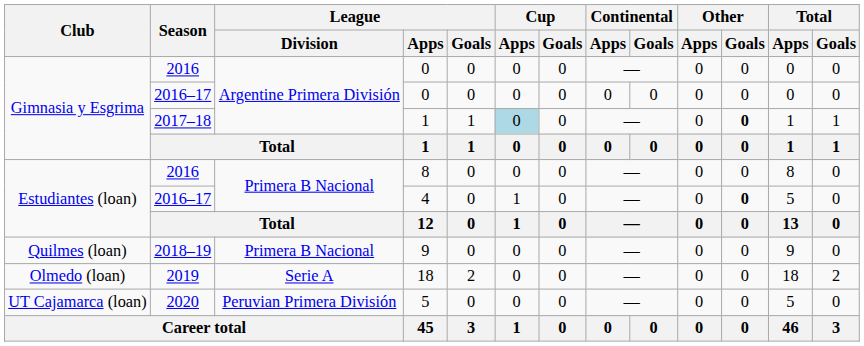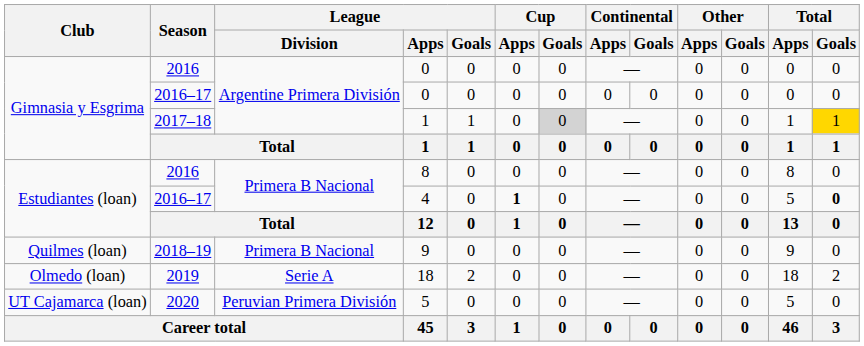 <table class="wikitable" style="text-align:center">
 <tr>
 <th rowspan="2">Club</th>
 <th rowspan="2">Season</th>
 <th colspan="3">League</th>
 <th colspan="2">Cup</th>
 <th colspan="2">Continental</th>
 <th colspan="2">Other</th>
 <th colspan="2">Total</th>
 </tr>
 <tr>
 <th>Division</th>
 <th>Apps</th>
 <th>Goals</th>
 <th>Apps</th>
 <th>Goals</th>
 <th>Apps</th>
 <th>Goals</th>
 <th>Apps</th>
 <th>Goals</th>
 <th>Apps</th>
 <th>Goals</th>
 </tr>
 <tr>
 <td rowspan="4"><a href='#'>Gimnasia y Esgrima</a></td>
 <td><a href='#'>2016</a></td>
 <td rowspan="3"><a href='#'>Argentine Primera División</a></td>
 <td>0</td>
 <td>0</td>
 <td>0</td>
 <td>0</td>
 <td colspan="2">—</td>
 <td>0</td>
 <td>0</td>
 <td>0</td>
 <td>0</td>
 </tr>
 <tr>
 <td><a href='#'>2016–17</a></td>
 <td>0</td>
 <td>0</td>
 <td>0</td>
 <td>0</td>
 <td>0</td>
 <td>0</td>
 <td>0</td>
 <td>0</td>
 <td>0</td>
 <td>0</td>
 </tr>
 <tr>
 <td><a href='#'>2017–18</a></td>
 <td>1</td>
 <td>1</td>
-<td style="background: lightblue;">0</td>
 <td>0</td>
+<td style="background: lightgrey;">0</td>
 <td colspan="2">—</td>
 <td>0</td>
-<td><strong>0</strong></td>
+<td>0</td>
 <td>1</td>
-<td>1</td>
+<td style="background: gold;">1</td>
 </tr>
 <tr>
 <th colspan="2">Total</th>
 <th>1</th>
 <th>1</th>
 <th>0</th>
 <th>0</th>
 <th>0</th>
 <th>0</th>
 <th>0</th>
 <th>0</th>
 <th>1</th>
 <th>1</th>
 </tr>
 <tr>
 <td rowspan="3"><a href='#'>Estudiantes</a> (loan)</td>
 <td><a href='#'>2016</a></td>
 <td rowspan="2"><a href='#'>Primera B Nacional</a></td>
 <td>8</td>
 <td>0</td>
 <td>0</td>
 <td>0</td>
 <td colspan="2">—</td>
 <td>0</td>
 <td>0</td>
 <td>8</td>
 <td>0</td>
 </tr>
 <tr>
 <td><a href='#'>2016–17</a></td>
 <td>4</td>
 <td>0</td>
-<td>1</td>
+<td><strong>1</strong></td>
 <td>0</td>
 <td colspan="2">—</td>
 <td>0</td>
+<td>0</td>
+<td>5</td>
 <td><strong>0</strong></td>
-<td>5</td>
-<td>0</td>
 </tr>
 <tr>
 <th colspan="2">Total</th>
 <th>12</th>
 <th>0</th>
 <th>1</th>
 <th>0</th>
 <th colspan="2">—</th>
 <th>0</th>
 <th>0</th>
 <th>13</th>
 <th>0</th>
 </tr>
 <tr>
 <td rowspan="1"><a href='#'>Quilmes</a> (loan)</td>
 <td><a href='#'>2018–19</a></td>
 <td rowspan="1"><a href='#'>Primera B Nacional</a></td>
 <td>9</td>
 <td>0</td>
 <td>0</td>
 <td>0</td>
 <td colspan="2">—</td>
 <td>0</td>
 <td>0</td>
 <td>9</td>
 <td>0</td>
 </tr>
 <tr>
 <td rowspan="1"><a href='#'>Olmedo</a> (loan)</td>
 <td><a href='#'>2019</a></td>
 <td rowspan="1"><a href='#'>Serie A</a></td>
 <td>18</td>
 <td>2</td>
 <td>0</td>
 <td>0</td>
 <td colspan="2">—</td>
 <td>0</td>
 <td>0</td>
 <td>18</td>
 <td>2</td>
 </tr>
 <tr>
 <td rowspan="1"><a href='#'>UT Cajamarca</a> (loan)</td>
 <td><a href='#'>2020</a></td>
 <td rowspan="1"><a href='#'>Peruvian Primera División</a></td>
 <td>5</td>
 <td>0</td>
 <td>0</td>
 <td>0</td>
 <td colspan="2">—</td>
 <td>0</td>
 <td>0</td>
 <td>5</td>
 <td>0</td>
 </tr>
 <tr>
 <th colspan="3">Career total</th>
 <th>45</th>
 <th>3</th>
 <th>1</th>
 <th>0</th>
 <th>0</th>
 <th>0</th>
 <th>0</th>
 <th>0</th>
 <th>46</th>
 <th>3</th>
 </tr>
 </table>
